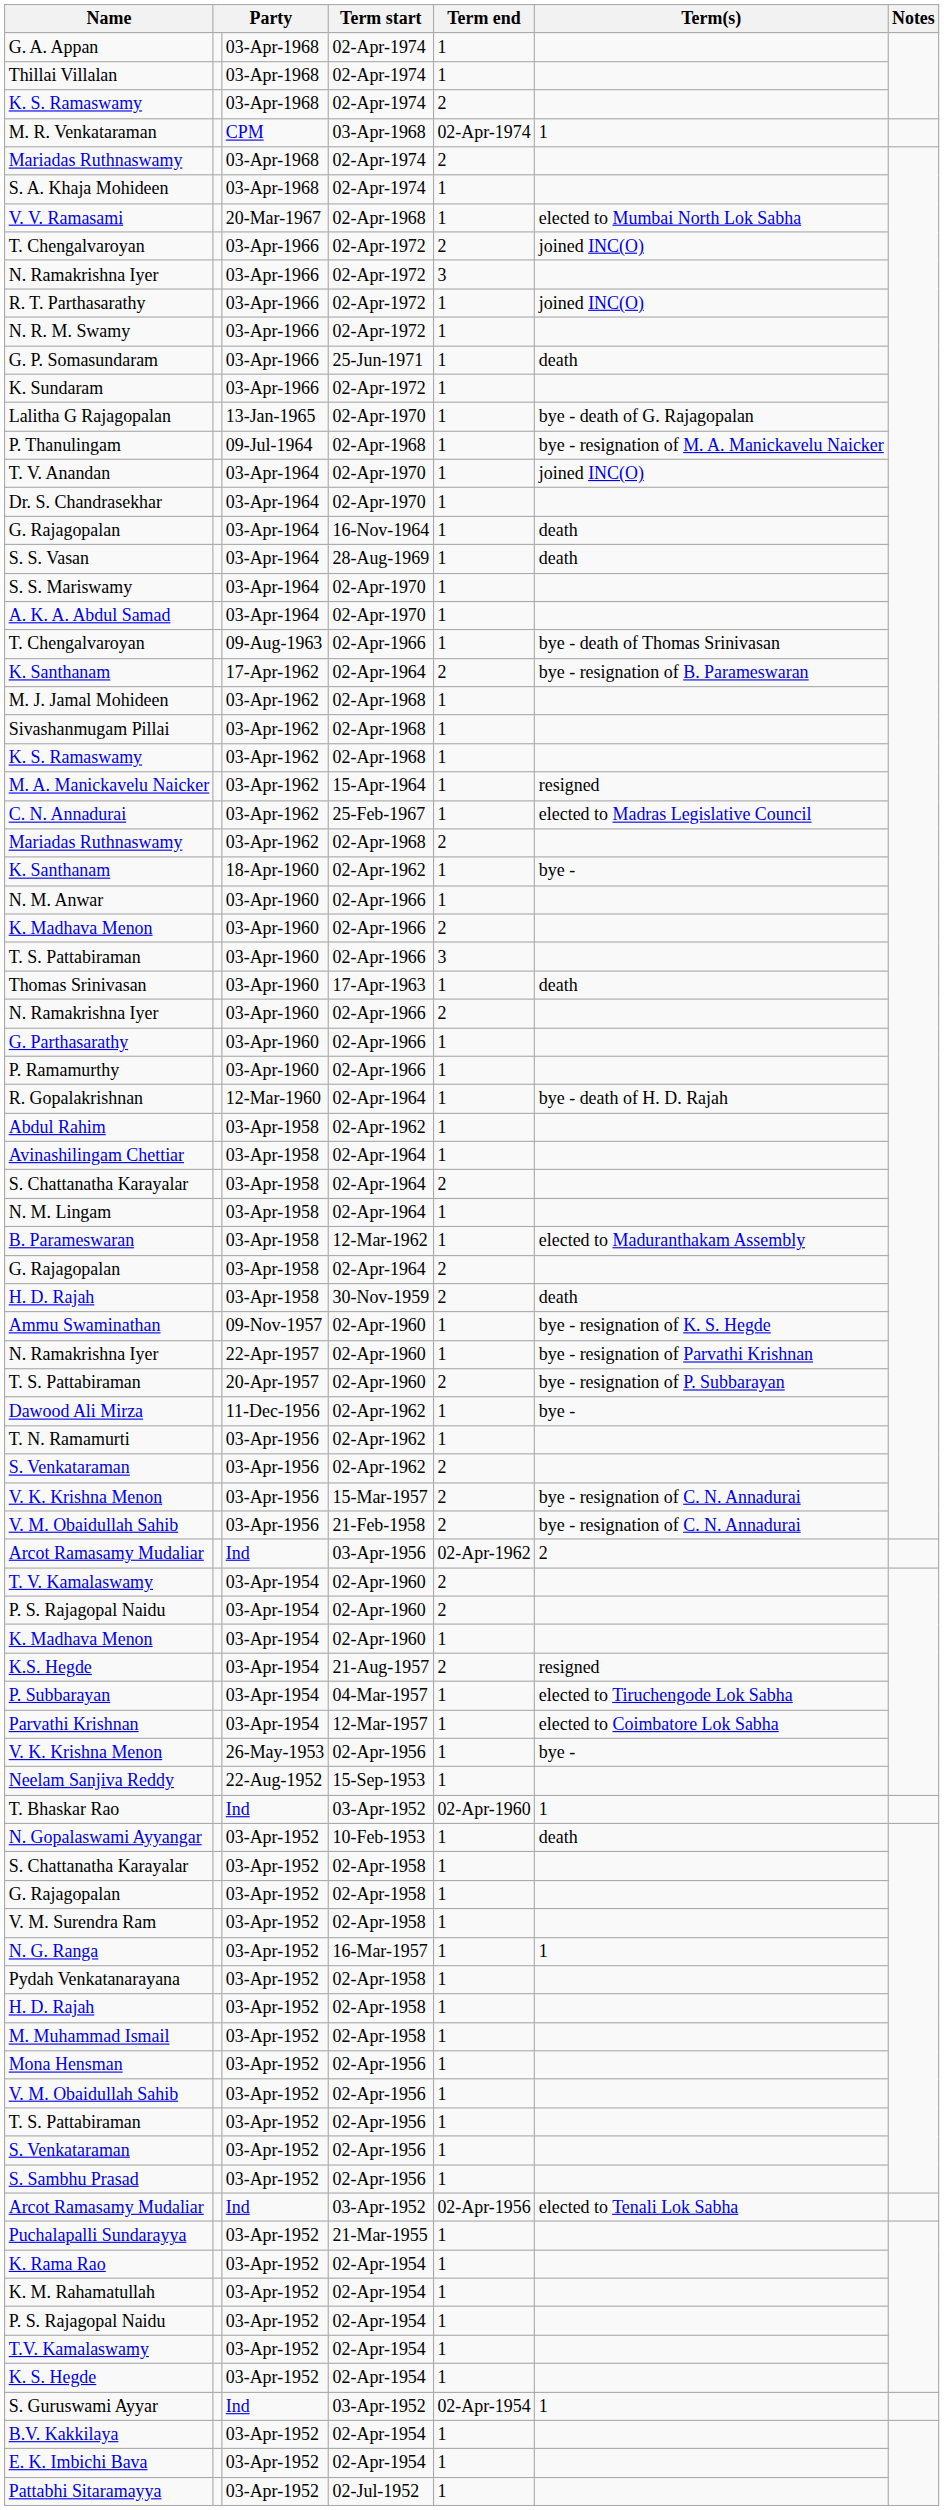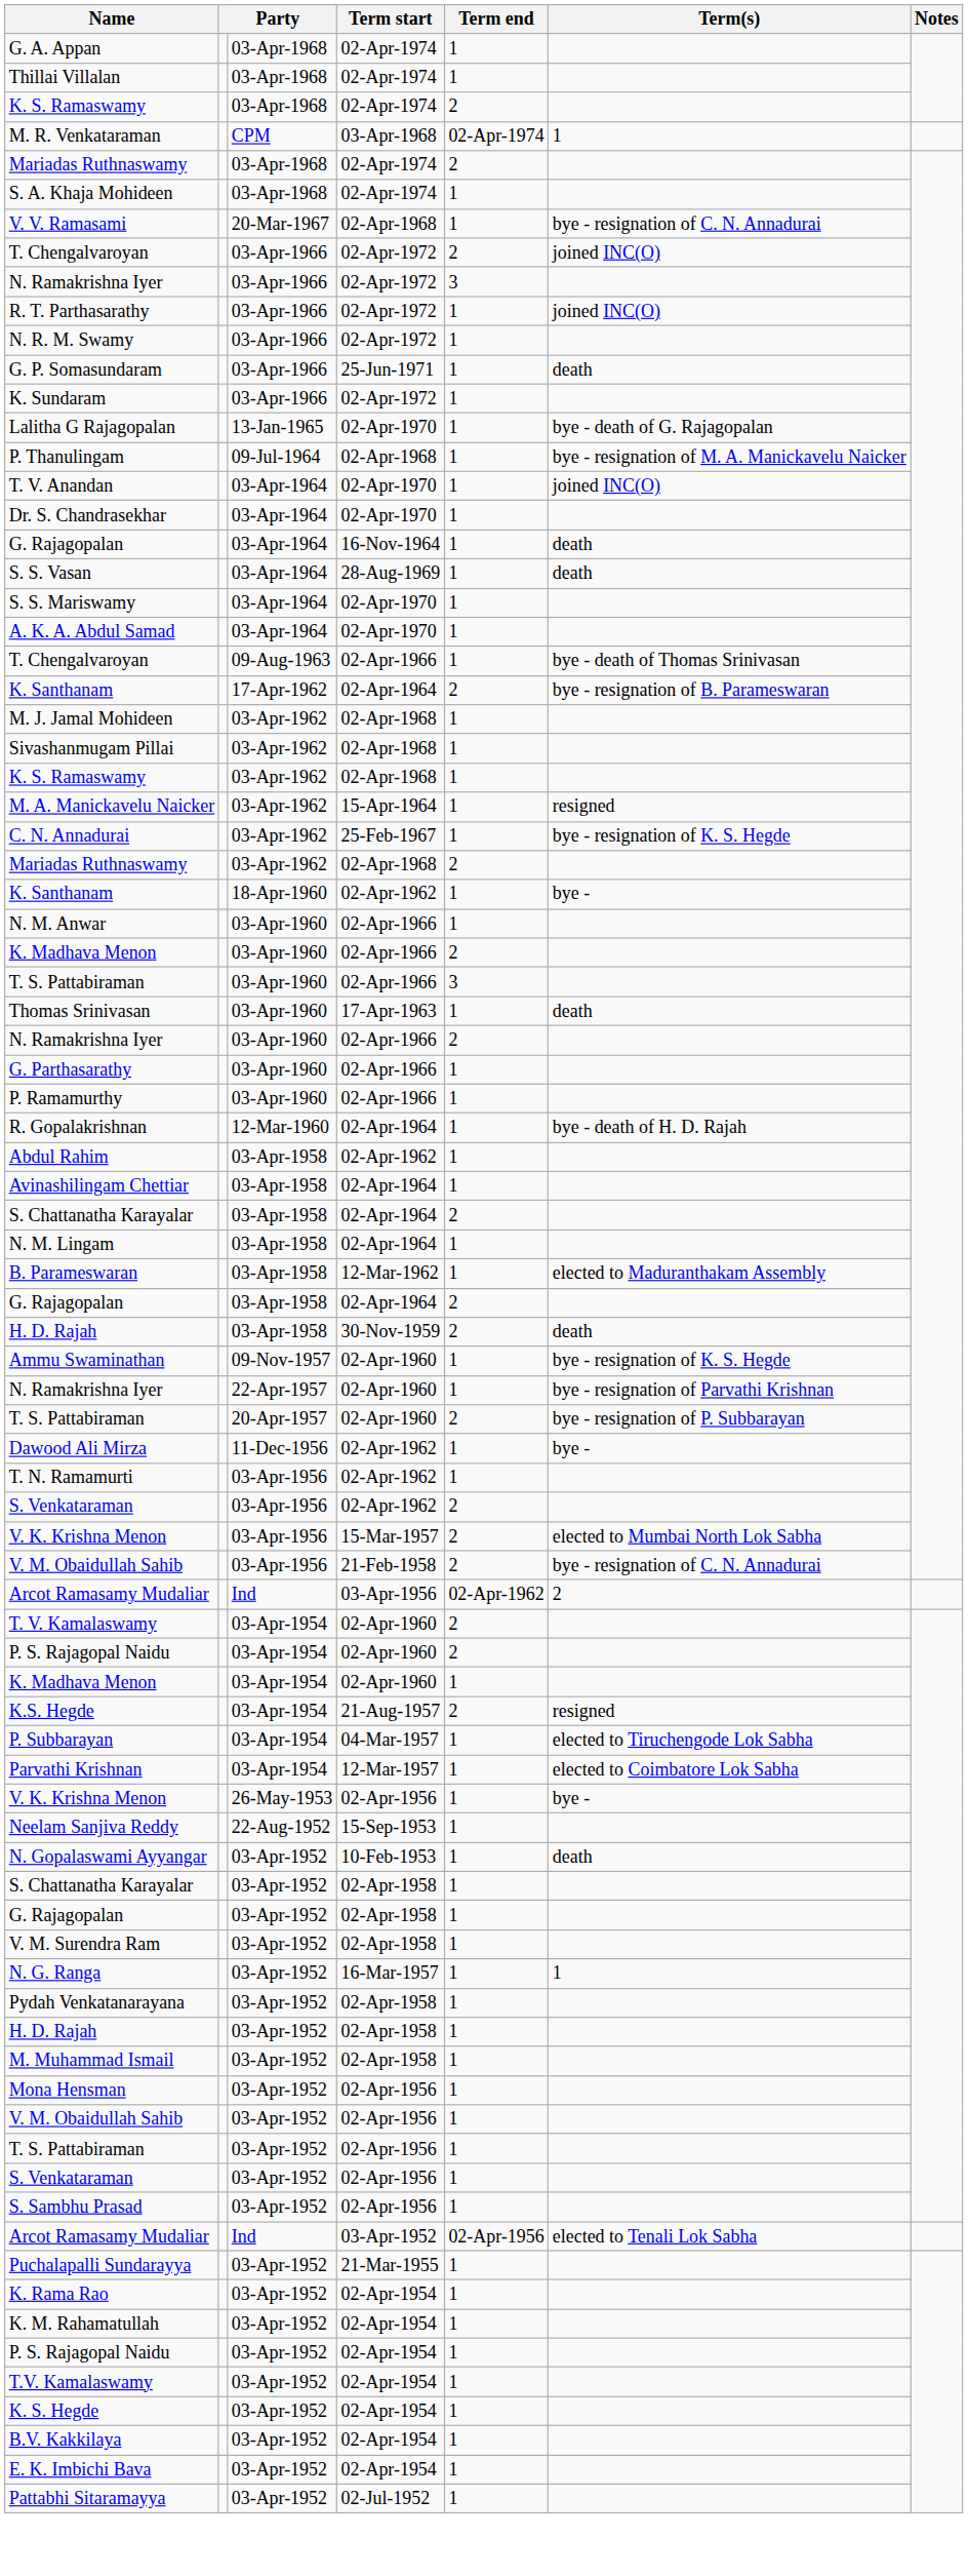 <table class="wikitable sortable">
 <tr>
 <th>Name</th>
 <th colspan="2">Party</th>
 <th>Term start</th>
 <th>Term end</th>
 <th>Term(s)</th>
 <th>Notes</th>
 </tr>
 <tr>
 <td>G. A. Appan</td>
 <td></td>
 <td>03-Apr-1968</td>
 <td>02-Apr-1974</td>
 <td>1</td>
 <td></td>
 </tr>
 <tr>
 <td>Thillai Villalan</td>
 <td></td>
 <td>03-Apr-1968</td>
 <td>02-Apr-1974</td>
 <td>1</td>
 <td></td>
 </tr>
 <tr>
 <td><a href='#'>K. S. Ramaswamy</a></td>
 <td></td>
 <td>03-Apr-1968</td>
 <td>02-Apr-1974</td>
 <td>2</td>
 <td></td>
 </tr>
 <tr>
 <td>M. R. Venkataraman</td>
 <td style="background-color: "></td>
 <td><a href='#'>CPM</a></td>
 <td>03-Apr-1968</td>
 <td>02-Apr-1974</td>
 <td>1</td>
 <td></td>
 </tr>
 <tr>
 <td><a href='#'>Mariadas Ruthnaswamy</a></td>
 <td></td>
 <td>03-Apr-1968</td>
 <td>02-Apr-1974</td>
 <td>2</td>
 <td></td>
 </tr>
 <tr>
 <td>S. A. Khaja Mohideen</td>
 <td></td>
 <td>03-Apr-1968</td>
 <td>02-Apr-1974</td>
 <td>1</td>
 <td></td>
 </tr>
 <tr>
 <td><a href='#'>V. V. Ramasami</a></td>
 <td></td>
 <td>20-Mar-1967</td>
 <td>02-Apr-1968</td>
 <td>1</td>
-<td>elected to <a href='#'>Mumbai North Lok Sabha</a></td>
+<td>bye - resignation of <a href='#'>C. N. Annadurai</a></td>
 </tr>
 <tr>
 <td>T. Chengalvaroyan</td>
 <td></td>
 <td>03-Apr-1966</td>
 <td>02-Apr-1972</td>
 <td>2</td>
 <td>joined <a href='#'>INC(O)</a></td>
 </tr>
 <tr>
 <td>N. Ramakrishna Iyer</td>
 <td></td>
 <td>03-Apr-1966</td>
 <td>02-Apr-1972</td>
 <td>3</td>
 <td></td>
 </tr>
 <tr>
 <td>R. T. Parthasarathy</td>
 <td></td>
 <td>03-Apr-1966</td>
 <td>02-Apr-1972</td>
 <td>1</td>
 <td>joined <a href='#'>INC(O)</a></td>
 </tr>
 <tr>
 <td>N. R. M. Swamy</td>
 <td></td>
 <td>03-Apr-1966</td>
 <td>02-Apr-1972</td>
 <td>1</td>
 <td></td>
 </tr>
 <tr>
 <td>G. P. Somasundaram</td>
 <td></td>
 <td>03-Apr-1966</td>
 <td>25-Jun-1971</td>
 <td>1</td>
 <td>death</td>
 </tr>
 <tr>
 <td>K. Sundaram</td>
 <td></td>
 <td>03-Apr-1966</td>
 <td>02-Apr-1972</td>
 <td>1</td>
 <td></td>
 </tr>
 <tr>
 <td>Lalitha G Rajagopalan</td>
 <td></td>
 <td>13-Jan-1965</td>
 <td>02-Apr-1970</td>
 <td>1</td>
 <td>bye - death of G. Rajagopalan</td>
 </tr>
 <tr>
 <td>P. Thanulingam</td>
 <td></td>
 <td>09-Jul-1964</td>
 <td>02-Apr-1968</td>
 <td>1</td>
 <td>bye - resignation of <a href='#'>M. A. Manickavelu Naicker</a></td>
 </tr>
 <tr>
 <td>T. V. Anandan</td>
 <td></td>
 <td>03-Apr-1964</td>
 <td>02-Apr-1970</td>
 <td>1</td>
 <td>joined <a href='#'>INC(O)</a></td>
 </tr>
 <tr>
 <td>Dr. S. Chandrasekhar</td>
 <td></td>
 <td>03-Apr-1964</td>
 <td>02-Apr-1970</td>
 <td>1</td>
 <td></td>
 </tr>
 <tr>
 <td>G. Rajagopalan</td>
 <td></td>
 <td>03-Apr-1964</td>
 <td>16-Nov-1964</td>
 <td>1</td>
 <td>death</td>
 </tr>
 <tr>
 <td>S. S. Vasan</td>
 <td></td>
 <td>03-Apr-1964</td>
 <td>28-Aug-1969</td>
 <td>1</td>
 <td>death</td>
 </tr>
 <tr>
 <td>S. S. Mariswamy</td>
 <td></td>
 <td>03-Apr-1964</td>
 <td>02-Apr-1970</td>
 <td>1</td>
 <td></td>
 </tr>
 <tr>
 <td><a href='#'>A. K. A. Abdul Samad</a></td>
 <td></td>
 <td>03-Apr-1964</td>
 <td>02-Apr-1970</td>
 <td>1</td>
 <td></td>
 </tr>
 <tr>
 <td>T. Chengalvaroyan</td>
 <td></td>
 <td>09-Aug-1963</td>
 <td>02-Apr-1966</td>
 <td>1</td>
 <td>bye - death of Thomas Srinivasan</td>
 </tr>
 <tr>
 <td><a href='#'>K. Santhanam</a></td>
 <td></td>
 <td>17-Apr-1962</td>
 <td>02-Apr-1964</td>
 <td>2</td>
 <td>bye - resignation of <a href='#'>B. Parameswaran</a></td>
 </tr>
 <tr>
 <td>M. J. Jamal Mohideen</td>
 <td></td>
 <td>03-Apr-1962</td>
 <td>02-Apr-1968</td>
 <td>1</td>
 <td></td>
 </tr>
 <tr>
 <td>Sivashanmugam Pillai</td>
 <td></td>
 <td>03-Apr-1962</td>
 <td>02-Apr-1968</td>
 <td>1</td>
 <td></td>
 </tr>
 <tr>
 <td><a href='#'>K. S. Ramaswamy</a></td>
 <td></td>
 <td>03-Apr-1962</td>
 <td>02-Apr-1968</td>
 <td>1</td>
 <td></td>
 </tr>
 <tr>
 <td><a href='#'>M. A. Manickavelu Naicker</a></td>
 <td></td>
 <td>03-Apr-1962</td>
 <td>15-Apr-1964</td>
 <td>1</td>
 <td>resigned</td>
 </tr>
 <tr>
 <td><a href='#'>C. N. Annadurai</a></td>
 <td></td>
 <td>03-Apr-1962</td>
 <td>25-Feb-1967</td>
 <td>1</td>
-<td>elected to <a href='#'>Madras Legislative Council</a></td>
+<td>bye - resignation of <a href='#'>K. S. Hegde</a></td>
 </tr>
 <tr>
 <td><a href='#'>Mariadas Ruthnaswamy</a></td>
 <td></td>
 <td>03-Apr-1962</td>
 <td>02-Apr-1968</td>
 <td>2</td>
 <td></td>
 </tr>
 <tr>
 <td><a href='#'>K. Santhanam</a></td>
 <td></td>
 <td>18-Apr-1960</td>
 <td>02-Apr-1962</td>
 <td>1</td>
 <td>bye -</td>
 </tr>
 <tr>
 <td>N. M. Anwar</td>
 <td></td>
 <td>03-Apr-1960</td>
 <td>02-Apr-1966</td>
 <td>1</td>
 <td></td>
 </tr>
 <tr>
 <td><a href='#'>K. Madhava Menon</a></td>
 <td></td>
 <td>03-Apr-1960</td>
 <td>02-Apr-1966</td>
 <td>2</td>
 <td></td>
 </tr>
 <tr>
 <td>T. S. Pattabiraman</td>
 <td></td>
 <td>03-Apr-1960</td>
 <td>02-Apr-1966</td>
 <td>3</td>
 <td></td>
 </tr>
 <tr>
 <td>Thomas Srinivasan</td>
 <td></td>
 <td>03-Apr-1960</td>
 <td>17-Apr-1963</td>
 <td>1</td>
 <td>death</td>
 </tr>
 <tr>
 <td>N. Ramakrishna Iyer</td>
 <td></td>
 <td>03-Apr-1960</td>
 <td>02-Apr-1966</td>
 <td>2</td>
 <td></td>
 </tr>
 <tr>
 <td><a href='#'>G. Parthasarathy</a></td>
 <td></td>
 <td>03-Apr-1960</td>
 <td>02-Apr-1966</td>
 <td>1</td>
 <td></td>
 </tr>
 <tr>
 <td>P. Ramamurthy</td>
 <td></td>
 <td>03-Apr-1960</td>
 <td>02-Apr-1966</td>
 <td>1</td>
 <td></td>
 </tr>
 <tr>
 <td>R. Gopalakrishnan</td>
 <td></td>
 <td>12-Mar-1960</td>
 <td>02-Apr-1964</td>
 <td>1</td>
 <td>bye - death of H. D. Rajah</td>
 </tr>
 <tr>
 <td><a href='#'>Abdul Rahim</a></td>
 <td></td>
 <td>03-Apr-1958</td>
 <td>02-Apr-1962</td>
 <td>1</td>
 <td></td>
 </tr>
 <tr>
 <td><a href='#'>Avinashilingam Chettiar</a></td>
 <td></td>
 <td>03-Apr-1958</td>
 <td>02-Apr-1964</td>
 <td>1</td>
 <td></td>
 </tr>
 <tr>
 <td>S. Chattanatha Karayalar</td>
 <td></td>
 <td>03-Apr-1958</td>
 <td>02-Apr-1964</td>
 <td>2</td>
 <td></td>
 </tr>
 <tr>
 <td>N. M. Lingam</td>
 <td></td>
 <td>03-Apr-1958</td>
 <td>02-Apr-1964</td>
 <td>1</td>
 <td></td>
 </tr>
 <tr>
 <td><a href='#'>B. Parameswaran</a></td>
 <td></td>
 <td>03-Apr-1958</td>
 <td>12-Mar-1962</td>
 <td>1</td>
 <td>elected to <a href='#'>Maduranthakam Assembly</a></td>
 </tr>
 <tr>
 <td>G. Rajagopalan</td>
 <td></td>
 <td>03-Apr-1958</td>
 <td>02-Apr-1964</td>
 <td>2</td>
 <td></td>
 </tr>
 <tr>
 <td><a href='#'>H. D. Rajah</a></td>
 <td></td>
 <td>03-Apr-1958</td>
 <td>30-Nov-1959</td>
 <td>2</td>
 <td>death</td>
 </tr>
 <tr>
 <td><a href='#'>Ammu Swaminathan</a></td>
 <td></td>
 <td>09-Nov-1957</td>
 <td>02-Apr-1960</td>
 <td>1</td>
 <td>bye - resignation of <a href='#'>K. S. Hegde</a></td>
 </tr>
 <tr>
 <td>N. Ramakrishna Iyer</td>
 <td></td>
 <td>22-Apr-1957</td>
 <td>02-Apr-1960</td>
 <td>1</td>
 <td>bye - resignation of <a href='#'>Parvathi Krishnan</a></td>
 </tr>
 <tr>
 <td>T. S. Pattabiraman</td>
 <td></td>
 <td>20-Apr-1957</td>
 <td>02-Apr-1960</td>
 <td>2</td>
 <td>bye - resignation of <a href='#'>P. Subbarayan</a></td>
 </tr>
 <tr>
 <td><a href='#'>Dawood Ali Mirza</a></td>
 <td></td>
 <td>11-Dec-1956</td>
 <td>02-Apr-1962</td>
 <td>1</td>
 <td>bye -</td>
 </tr>
 <tr>
 <td>T. N. Ramamurti</td>
 <td></td>
 <td>03-Apr-1956</td>
 <td>02-Apr-1962</td>
 <td>1</td>
 <td></td>
 </tr>
 <tr>
 <td><a href='#'>S. Venkataraman</a></td>
 <td></td>
 <td>03-Apr-1956</td>
 <td>02-Apr-1962</td>
 <td>2</td>
 <td></td>
 </tr>
 <tr>
 <td><a href='#'>V. K. Krishna Menon</a></td>
 <td></td>
 <td>03-Apr-1956</td>
 <td>15-Mar-1957</td>
 <td>2</td>
-<td>bye - resignation of <a href='#'>C. N. Annadurai</a></td>
+<td>elected to <a href='#'>Mumbai North Lok Sabha</a></td>
 </tr>
 <tr>
 <td><a href='#'>V. M. Obaidullah Sahib</a></td>
 <td></td>
 <td>03-Apr-1956</td>
 <td>21-Feb-1958</td>
 <td>2</td>
 <td>bye - resignation of <a href='#'>C. N. Annadurai</a></td>
 </tr>
 <tr>
 <td><a href='#'>Arcot Ramasamy Mudaliar</a></td>
 <td style="background-color: "></td>
 <td><a href='#'>Ind</a></td>
 <td>03-Apr-1956</td>
 <td>02-Apr-1962</td>
 <td>2</td>
 <td></td>
 </tr>
 <tr>
 <td><a href='#'>T. V. Kamalaswamy</a></td>
 <td></td>
 <td>03-Apr-1954</td>
 <td>02-Apr-1960</td>
 <td>2</td>
 <td></td>
 </tr>
 <tr>
 <td>P. S. Rajagopal Naidu</td>
 <td></td>
 <td>03-Apr-1954</td>
 <td>02-Apr-1960</td>
 <td>2</td>
 <td></td>
 </tr>
 <tr>
 <td><a href='#'>K. Madhava Menon</a></td>
 <td></td>
 <td>03-Apr-1954</td>
 <td>02-Apr-1960</td>
 <td>1</td>
 <td></td>
 </tr>
 <tr>
 <td><a href='#'>K.S. Hegde</a></td>
 <td></td>
 <td>03-Apr-1954</td>
 <td>21-Aug-1957</td>
 <td>2</td>
 <td>resigned</td>
 </tr>
 <tr>
 <td><a href='#'>P. Subbarayan</a></td>
 <td></td>
 <td>03-Apr-1954</td>
 <td>04-Mar-1957</td>
 <td>1</td>
 <td>elected to <a href='#'>Tiruchengode Lok Sabha</a></td>
 </tr>
 <tr>
 <td><a href='#'>Parvathi Krishnan</a></td>
 <td></td>
 <td>03-Apr-1954</td>
 <td>12-Mar-1957</td>
 <td>1</td>
 <td>elected to <a href='#'>Coimbatore Lok Sabha</a></td>
 </tr>
 <tr>
 <td><a href='#'>V. K. Krishna Menon</a></td>
 <td></td>
 <td>26-May-1953</td>
 <td>02-Apr-1956</td>
 <td>1</td>
 <td>bye -</td>
 </tr>
 <tr>
 <td><a href='#'>Neelam Sanjiva Reddy</a></td>
 <td></td>
 <td>22-Aug-1952</td>
 <td>15-Sep-1953</td>
-<td>1</td>
-<td></td>
-</tr>
-<tr>
-<td>T. Bhaskar Rao</td>
-<td style="background-color: "></td>
-<td><a href='#'>Ind</a></td>
-<td>03-Apr-1952</td>
-<td>02-Apr-1960</td>
 <td>1</td>
 <td></td>
 </tr>
 <tr>
 <td><a href='#'>N. Gopalaswami Ayyangar</a></td>
 <td></td>
 <td>03-Apr-1952</td>
 <td>10-Feb-1953</td>
 <td>1</td>
 <td>death</td>
 </tr>
 <tr>
 <td>S. Chattanatha Karayalar</td>
 <td></td>
 <td>03-Apr-1952</td>
 <td>02-Apr-1958</td>
 <td>1</td>
 <td></td>
 </tr>
 <tr>
 <td>G. Rajagopalan</td>
 <td></td>
 <td>03-Apr-1952</td>
 <td>02-Apr-1958</td>
 <td>1</td>
 <td></td>
 </tr>
 <tr>
 <td>V. M. Surendra Ram</td>
 <td></td>
 <td>03-Apr-1952</td>
 <td>02-Apr-1958</td>
 <td>1</td>
 <td></td>
 </tr>
 <tr>
 <td><a href='#'>N. G. Ranga</a></td>
 <td></td>
 <td>03-Apr-1952</td>
 <td>16-Mar-1957</td>
 <td>1</td>
 <td>1</td>
 </tr>
 <tr>
 <td>Pydah Venkatanarayana</td>
 <td></td>
 <td>03-Apr-1952</td>
 <td>02-Apr-1958</td>
 <td>1</td>
 <td></td>
 </tr>
 <tr>
 <td><a href='#'>H. D. Rajah</a></td>
 <td></td>
 <td>03-Apr-1952</td>
 <td>02-Apr-1958</td>
 <td>1</td>
 <td></td>
 </tr>
 <tr>
 <td><a href='#'>M. Muhammad Ismail</a></td>
 <td></td>
 <td>03-Apr-1952</td>
 <td>02-Apr-1958</td>
 <td>1</td>
 <td></td>
 </tr>
 <tr>
 <td><a href='#'>Mona Hensman</a></td>
 <td></td>
 <td>03-Apr-1952</td>
 <td>02-Apr-1956</td>
 <td>1</td>
 <td></td>
 </tr>
 <tr>
 <td><a href='#'>V. M. Obaidullah Sahib</a></td>
 <td></td>
 <td>03-Apr-1952</td>
 <td>02-Apr-1956</td>
 <td>1</td>
 <td></td>
 </tr>
 <tr>
 <td>T. S. Pattabiraman</td>
 <td></td>
 <td>03-Apr-1952</td>
 <td>02-Apr-1956</td>
 <td>1</td>
 <td></td>
 </tr>
 <tr>
 <td><a href='#'>S. Venkataraman</a></td>
 <td></td>
 <td>03-Apr-1952</td>
 <td>02-Apr-1956</td>
 <td>1</td>
 <td></td>
 </tr>
 <tr>
 <td><a href='#'>S. Sambhu Prasad</a></td>
 <td></td>
 <td>03-Apr-1952</td>
 <td>02-Apr-1956</td>
 <td>1</td>
 <td></td>
 </tr>
 <tr>
 <td><a href='#'>Arcot Ramasamy Mudaliar</a></td>
 <td style="background-color: "></td>
 <td><a href='#'>Ind</a></td>
 <td>03-Apr-1952</td>
 <td>02-Apr-1956</td>
 <td>elected to <a href='#'>Tenali Lok Sabha</a></td>
 <td></td>
 </tr>
 <tr>
 <td><a href='#'>Puchalapalli Sundarayya</a></td>
 <td></td>
 <td>03-Apr-1952</td>
 <td>21-Mar-1955</td>
 <td>1</td>
 <td></td>
 </tr>
 <tr>
 <td><a href='#'>K. Rama Rao</a></td>
 <td></td>
 <td>03-Apr-1952</td>
 <td>02-Apr-1954</td>
 <td>1</td>
 <td></td>
 </tr>
 <tr>
 <td>K. M. Rahamatullah</td>
 <td></td>
 <td>03-Apr-1952</td>
 <td>02-Apr-1954</td>
 <td>1</td>
 <td></td>
 </tr>
 <tr>
 <td>P. S. Rajagopal Naidu</td>
 <td></td>
 <td>03-Apr-1952</td>
 <td>02-Apr-1954</td>
 <td>1</td>
 <td></td>
 </tr>
 <tr>
 <td><a href='#'>T.V. Kamalaswamy</a></td>
 <td></td>
 <td>03-Apr-1952</td>
 <td>02-Apr-1954</td>
 <td>1</td>
 <td></td>
 </tr>
 <tr>
 <td><a href='#'>K. S. Hegde</a></td>
 <td></td>
 <td>03-Apr-1952</td>
 <td>02-Apr-1954</td>
 <td>1</td>
 <td></td>
 </tr>
 <tr>
-<td>S. Guruswami Ayyar</td>
-<td style="background-color: "></td>
-<td><a href='#'>Ind</a></td>
-<td>03-Apr-1952</td>
-<td>02-Apr-1954</td>
-<td>1</td>
-<td></td>
-</tr>
-<tr>
 <td><a href='#'>B.V. Kakkilaya</a></td>
 <td></td>
 <td>03-Apr-1952</td>
 <td>02-Apr-1954</td>
 <td>1</td>
 <td></td>
 </tr>
 <tr>
 <td><a href='#'>E. K. Imbichi Bava</a></td>
 <td></td>
 <td>03-Apr-1952</td>
 <td>02-Apr-1954</td>
 <td>1</td>
 <td></td>
 </tr>
 <tr>
 <td><a href='#'>Pattabhi Sitaramayya</a></td>
 <td></td>
 <td>03-Apr-1952</td>
 <td>02-Jul-1952</td>
 <td>1</td>
 <td></td>
 </tr>
 </table>
